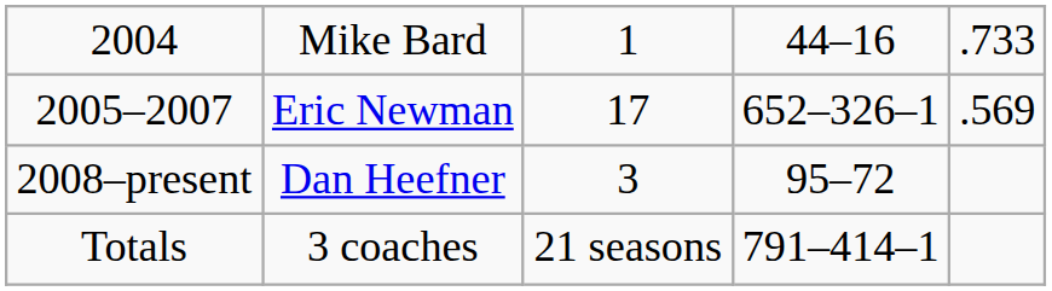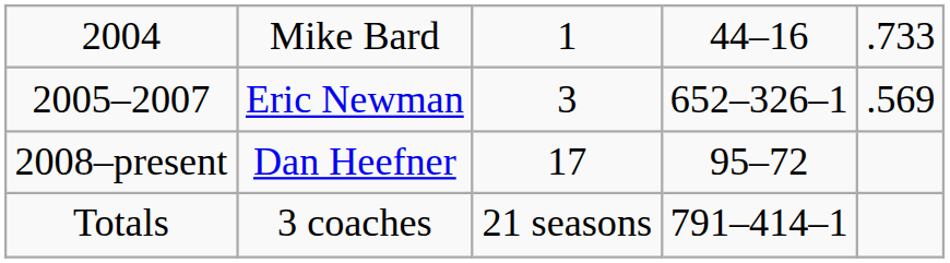 <table class="wikitable" style="text-align:center">
 <tr>
 <td>2004</td>
 <td>Mike Bard</td>
 <td>1</td>
 <td>44–16</td>
 <td>.733</td>
 </tr>
 <tr>
 <td>2005–2007</td>
 <td><a href='#'>Eric Newman</a></td>
-<td>17</td>
+<td>3</td>
 <td>652–326–1</td>
 <td>.569</td>
 </tr>
 <tr>
 <td>2008–present</td>
 <td><a href='#'>Dan Heefner</a></td>
-<td>3</td>
+<td>17</td>
 <td>95–72</td>
 <td></td>
 </tr>
 <tr class="sortbottom">
 <td>Totals</td>
 <td>3 coaches</td>
 <td>21 seasons</td>
 <td>791–414–1</td>
 <td></td>
 </tr>
 </table>
